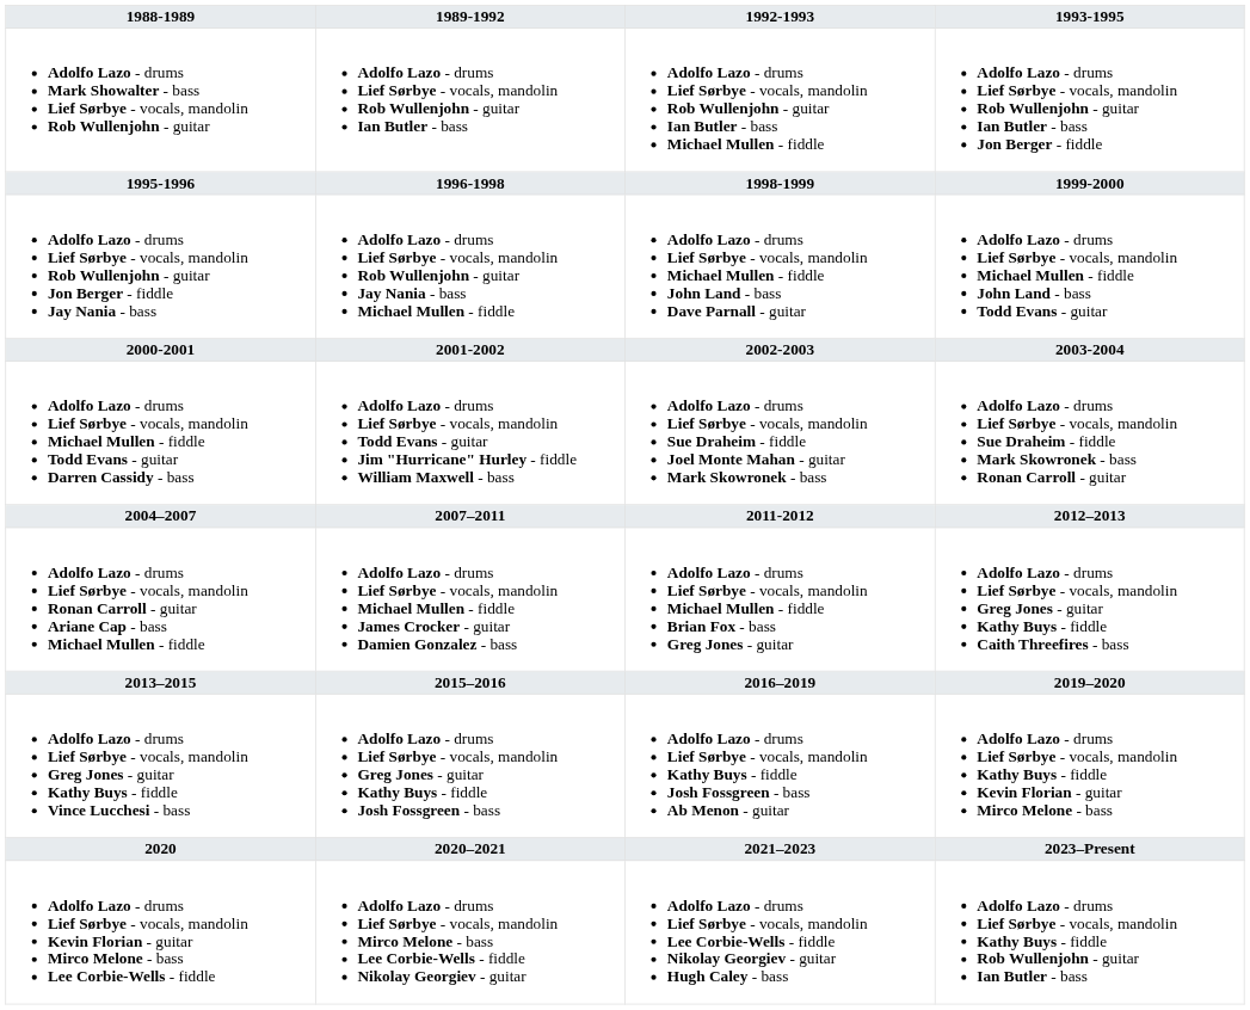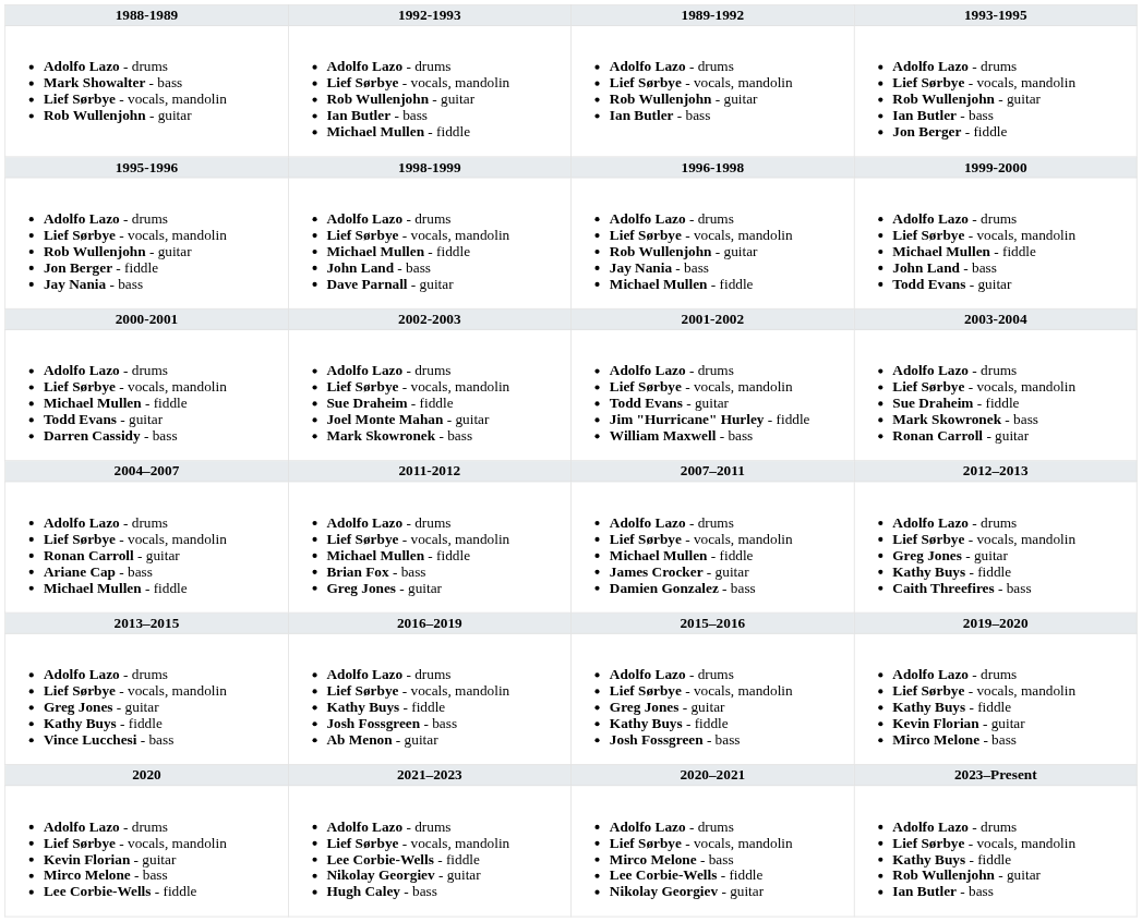 <table class="toccolours" border="1" cellpadding="2" cellspacing="0"  style="float:width:375px; margin:0 0 1em 1em; border-collapse:collapse; border:1px solid #e2e2e2; width:99%;">
 <tr>
 <th style="vertical-align:top; background:#e7ebee; width:25%;">1988-1989</th>
+<th style="vertical-align:top; background:#e7ebee; width:25%;">1992-1993</th>
 <th style="vertical-align:top; background:#e7ebee; width:25%;">1989-1992</th>
-<th style="vertical-align:top; background:#e7ebee; width:25%;">1992-1993</th>
 <th style="vertical-align:top; background:#e7ebee; width:25%;">1993-1995</th>
 </tr>
 <tr>
 <td valign=top><br><ul><li><strong>Adolfo Lazo</strong> - drums</li><li><strong>Mark Showalter</strong> - bass</li><li><strong>Lief Sørbye</strong> - vocals, mandolin</li><li><strong>Rob Wullenjohn</strong> - guitar</li></ul></td>
+<td valign=top><br><ul><li><strong>Adolfo Lazo</strong> - drums</li><li><strong>Lief Sørbye</strong> - vocals, mandolin</li><li><strong>Rob Wullenjohn</strong> - guitar</li><li><strong>Ian Butler</strong> - bass</li><li><strong>Michael Mullen</strong> - fiddle</li></ul></td>
 <td valign=top><br><ul><li><strong>Adolfo Lazo</strong> - drums</li><li><strong>Lief Sørbye</strong> - vocals, mandolin</li><li><strong>Rob Wullenjohn</strong> - guitar</li><li><strong>Ian Butler</strong> - bass</li></ul></td>
-<td valign=top><br><ul><li><strong>Adolfo Lazo</strong> - drums</li><li><strong>Lief Sørbye</strong> - vocals, mandolin</li><li><strong>Rob Wullenjohn</strong> - guitar</li><li><strong>Ian Butler</strong> - bass</li><li><strong>Michael Mullen</strong> - fiddle</li></ul></td>
 <td valign=top><br><ul><li><strong>Adolfo Lazo</strong> - drums</li><li><strong>Lief Sørbye</strong> - vocals, mandolin</li><li><strong>Rob Wullenjohn</strong> - guitar</li><li><strong>Ian Butler</strong> - bass</li><li><strong>Jon Berger</strong> - fiddle</li></ul></td>
 </tr>
 <tr>
 <th style="vertical-align:top; background:#e7ebee; width:25%;">1995-1996</th>
+<th style="vertical-align:top; background:#e7ebee; width:25%;">1998-1999</th>
 <th style="vertical-align:top; background:#e7ebee; width:25%;">1996-1998</th>
-<th style="vertical-align:top; background:#e7ebee; width:25%;">1998-1999</th>
 <th style="vertical-align:top; background:#e7ebee; width:25%;">1999-2000</th>
 </tr>
 <tr>
 <td valign=top><br><ul><li><strong>Adolfo Lazo</strong> - drums</li><li><strong>Lief Sørbye</strong> - vocals, mandolin</li><li><strong>Rob Wullenjohn</strong> - guitar</li><li><strong>Jon Berger</strong> - fiddle</li><li><strong>Jay Nania</strong> - bass</li></ul></td>
+<td valign=top><br><ul><li><strong>Adolfo Lazo</strong> - drums</li><li><strong>Lief Sørbye</strong> - vocals, mandolin</li><li><strong>Michael Mullen</strong> - fiddle</li><li><strong>John Land</strong> - bass</li><li><strong>Dave Parnall</strong> - guitar</li></ul></td>
 <td valign=top><br><ul><li><strong>Adolfo Lazo</strong> - drums</li><li><strong>Lief Sørbye</strong> - vocals, mandolin</li><li><strong>Rob Wullenjohn</strong> - guitar</li><li><strong>Jay Nania</strong> - bass</li><li><strong>Michael Mullen</strong> - fiddle</li></ul></td>
-<td valign=top><br><ul><li><strong>Adolfo Lazo</strong> - drums</li><li><strong>Lief Sørbye</strong> - vocals, mandolin</li><li><strong>Michael Mullen</strong> - fiddle</li><li><strong>John Land</strong> - bass</li><li><strong>Dave Parnall</strong> - guitar</li></ul></td>
 <td valign=top><br><ul><li><strong>Adolfo Lazo</strong> - drums</li><li><strong>Lief Sørbye</strong> - vocals, mandolin</li><li><strong>Michael Mullen</strong> - fiddle</li><li><strong>John Land</strong> - bass</li><li><strong>Todd Evans</strong> - guitar</li></ul></td>
 </tr>
 <tr>
 <th style="vertical-align:top; background:#e7ebee; width:25%;">2000-2001</th>
+<th style="vertical-align:top; background:#e7ebee; width:25%;">2002-2003</th>
 <th style="vertical-align:top; background:#e7ebee; width:25%;">2001-2002</th>
-<th style="vertical-align:top; background:#e7ebee; width:25%;">2002-2003</th>
 <th style="vertical-align:top; background:#e7ebee; width:25%;">2003-2004</th>
 </tr>
 <tr>
 <td valign=top><br><ul><li><strong>Adolfo Lazo</strong> - drums</li><li><strong>Lief Sørbye</strong> - vocals, mandolin</li><li><strong>Michael Mullen</strong> - fiddle</li><li><strong>Todd Evans</strong> - guitar</li><li><strong>Darren Cassidy</strong> - bass</li></ul></td>
+<td valign=top><br><ul><li><strong>Adolfo Lazo</strong> - drums</li><li><strong>Lief Sørbye</strong> - vocals, mandolin</li><li><strong>Sue Draheim</strong> - fiddle</li><li><strong>Joel Monte Mahan</strong> - guitar</li><li><strong>Mark Skowronek</strong> - bass</li></ul></td>
 <td valign=top><br><ul><li><strong>Adolfo Lazo</strong> - drums</li><li><strong>Lief Sørbye</strong> - vocals, mandolin</li><li><strong>Todd Evans</strong> - guitar</li><li><strong>Jim "Hurricane" Hurley</strong> - fiddle</li><li><strong>William Maxwell</strong> - bass</li></ul></td>
-<td valign=top><br><ul><li><strong>Adolfo Lazo</strong> - drums</li><li><strong>Lief Sørbye</strong> - vocals, mandolin</li><li><strong>Sue Draheim</strong> - fiddle</li><li><strong>Joel Monte Mahan</strong> - guitar</li><li><strong>Mark Skowronek</strong> - bass</li></ul></td>
 <td valign=top><br><ul><li><strong>Adolfo Lazo</strong> - drums</li><li><strong>Lief Sørbye</strong> - vocals, mandolin</li><li><strong>Sue Draheim</strong> - fiddle</li><li><strong>Mark Skowronek</strong> - bass</li><li><strong>Ronan Carroll</strong> - guitar</li></ul></td>
 </tr>
 <tr>
 <th style="vertical-align:top; background:#e7ebee; width:25%;">2004–2007</th>
+<th style="vertical-align:top; background:#e7ebee; width:25%;">2011-2012</th>
 <th style="vertical-align:top; background:#e7ebee; width:25%;">2007–2011</th>
-<th style="vertical-align:top; background:#e7ebee; width:25%;">2011-2012</th>
 <th style="vertical-align:top; background:#e7ebee; width:25%;">2012–2013</th>
 </tr>
 <tr>
 <td valign=top><br><ul><li><strong>Adolfo Lazo</strong> - drums</li><li><strong>Lief Sørbye</strong> - vocals, mandolin</li><li><strong>Ronan Carroll</strong> - guitar</li><li><strong>Ariane Cap</strong> - bass</li><li><strong>Michael Mullen</strong> - fiddle</li></ul></td>
+<td valign=top><br><ul><li><strong>Adolfo Lazo</strong> - drums</li><li><strong>Lief Sørbye</strong> - vocals, mandolin</li><li><strong>Michael Mullen</strong> - fiddle</li><li><strong>Brian Fox</strong> - bass</li><li><strong>Greg Jones</strong> - guitar</li></ul></td>
 <td valign=top><br><ul><li><strong>Adolfo Lazo</strong> - drums</li><li><strong>Lief Sørbye</strong> - vocals, mandolin</li><li><strong>Michael Mullen</strong> - fiddle</li><li><strong>James Crocker</strong> - guitar</li><li><strong>Damien Gonzalez</strong> - bass</li></ul></td>
-<td valign=top><br><ul><li><strong>Adolfo Lazo</strong> - drums</li><li><strong>Lief Sørbye</strong> - vocals, mandolin</li><li><strong>Michael Mullen</strong> - fiddle</li><li><strong>Brian Fox</strong> - bass</li><li><strong>Greg Jones</strong> - guitar</li></ul></td>
 <td valign=top><br><ul><li><strong>Adolfo Lazo</strong> - drums</li><li><strong>Lief Sørbye</strong> - vocals, mandolin</li><li><strong>Greg Jones</strong> - guitar</li><li><strong>Kathy Buys</strong> - fiddle</li><li><strong>Caith Threefires</strong> - bass</li></ul></td>
 </tr>
 <tr>
 <th style="vertical-align:top; background:#e7ebee; width:25%;">2013–2015</th>
+<th style="vertical-align:top; background:#e7ebee; width:25%;">2016–2019</th>
 <th style="vertical-align:top; background:#e7ebee; width:25%;">2015–2016</th>
-<th style="vertical-align:top; background:#e7ebee; width:25%;">2016–2019</th>
 <th style="vertical-align:top; background:#e7ebee; width:25%;">2019–2020</th>
 </tr>
 <tr>
 <td valign=top><br><ul><li><strong>Adolfo Lazo</strong> - drums</li><li><strong>Lief Sørbye</strong> - vocals, mandolin</li><li><strong>Greg Jones</strong> - guitar</li><li><strong>Kathy Buys</strong> - fiddle</li><li><strong>Vince Lucchesi</strong> - bass</li></ul></td>
+<td valign=top><br><ul><li><strong>Adolfo Lazo</strong> - drums</li><li><strong>Lief Sørbye</strong> - vocals, mandolin</li><li><strong>Kathy Buys</strong> - fiddle</li><li><strong>Josh Fossgreen</strong> - bass</li><li><strong>Ab Menon</strong> - guitar</li></ul></td>
 <td valign=top><br><ul><li><strong>Adolfo Lazo</strong> - drums</li><li><strong>Lief Sørbye</strong> - vocals, mandolin</li><li><strong>Greg Jones</strong> - guitar</li><li><strong>Kathy Buys</strong> - fiddle</li><li><strong>Josh Fossgreen</strong> - bass</li></ul></td>
-<td valign=top><br><ul><li><strong>Adolfo Lazo</strong> - drums</li><li><strong>Lief Sørbye</strong> - vocals, mandolin</li><li><strong>Kathy Buys</strong> - fiddle</li><li><strong>Josh Fossgreen</strong> - bass</li><li><strong>Ab Menon</strong> - guitar</li></ul></td>
 <td valign=top><br><ul><li><strong>Adolfo Lazo</strong> - drums</li><li><strong>Lief Sørbye</strong> - vocals, mandolin</li><li><strong>Kathy Buys</strong> - fiddle</li><li><strong>Kevin Florian</strong> - guitar</li><li><strong>Mirco Melone</strong> - bass</li></ul></td>
 </tr>
 <tr>
 <th style="vertical-align:top; background:#e7ebee; width:25%;">2020</th>
+<th style="vertical-align:top; background:#e7ebee; width:25%;">2021–2023</th>
 <th style="vertical-align:top; background:#e7ebee; width:25%;">2020–2021</th>
-<th style="vertical-align:top; background:#e7ebee; width:25%;">2021–2023</th>
 <th style="vertical-align:top; background:#e7ebee; width:25%;">2023–Present</th>
 </tr>
 <tr>
 <td valign=top><br><ul><li><strong>Adolfo Lazo</strong> - drums</li><li><strong>Lief Sørbye</strong> - vocals, mandolin</li><li><strong>Kevin Florian</strong> - guitar</li><li><strong>Mirco Melone</strong> - bass</li><li><strong>Lee Corbie-Wells</strong> - fiddle</li></ul></td>
+<td valign=top><br><ul><li><strong>Adolfo Lazo</strong> - drums</li><li><strong>Lief Sørbye</strong> - vocals, mandolin</li><li><strong>Lee Corbie-Wells</strong> - fiddle</li><li><strong>Nikolay Georgiev</strong> - guitar</li><li><strong>Hugh Caley</strong> - bass</li></ul></td>
 <td valign=top><br><ul><li><strong>Adolfo Lazo</strong> - drums</li><li><strong>Lief Sørbye</strong> - vocals, mandolin</li><li><strong>Mirco Melone</strong> - bass</li><li><strong>Lee Corbie-Wells</strong> - fiddle</li><li><strong>Nikolay Georgiev</strong> - guitar</li></ul></td>
-<td valign=top><br><ul><li><strong>Adolfo Lazo</strong> - drums</li><li><strong>Lief Sørbye</strong> - vocals, mandolin</li><li><strong>Lee Corbie-Wells</strong> - fiddle</li><li><strong>Nikolay Georgiev</strong> - guitar</li><li><strong>Hugh Caley</strong> - bass</li></ul></td>
 <td><br><ul><li><strong>Adolfo Lazo</strong> - drums</li><li><strong>Lief Sørbye</strong> - vocals, mandolin</li><li><strong>Kathy Buys</strong> - fiddle</li><li><strong>Rob Wullenjohn</strong> - guitar</li><li><strong>Ian Butler</strong> - bass</li></ul></td>
 </tr>
 </table>
